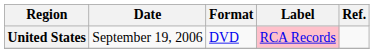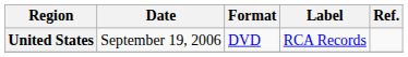 <table class="wikitable plainrowheaders">
 <tr>
 <th scope="col">Region</th>
 <th scope="col">Date</th>
 <th scope="col">Format</th>
 <th scope="col">Label</th>
 <th scope="col">Ref.</th>
 </tr>
 <tr>
 <th scope="row">United States</th>
 <td>September 19, 2006</td>
 <td><a href='#'>DVD</a></td>
-<td style="background: pink;"><a href='#'>RCA Records</a></td>
+<td><a href='#'>RCA Records</a></td>
 <td></td>
 </tr>
 <tr>
 </tr>
 </table>
